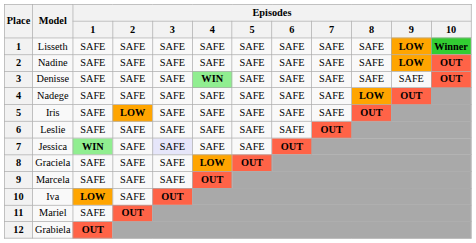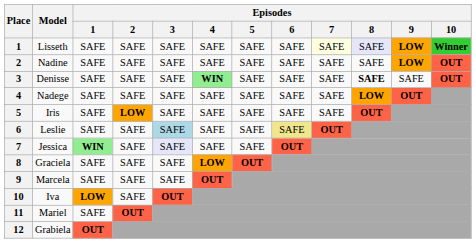 <table class="wikitable" style="text-align:center; font-size:92%">
 <tr>
 <th rowspan="2">Place</th>
 <th rowspan="2">Model</th>
 <th colspan="14">Episodes</th>
 </tr>
 <tr>
 <th>1</th>
 <th>2</th>
 <th>3</th>
 <th>4</th>
 <th>5</th>
 <th>6</th>
 <th>7</th>
 <th>8</th>
 <th>9</th>
 <th>10</th>
 </tr>
 <tr>
 <th>1</th>
 <td>Lisseth</td>
 <td>SAFE</td>
 <td>SAFE</td>
 <td>SAFE</td>
 <td>SAFE</td>
 <td>SAFE</td>
 <td>SAFE</td>
-<td>SAFE</td>
-<td>SAFE</td>
+<td style="background: lightyellow;">SAFE</td>
+<td style="background: lavender;">SAFE</td>
 <td style="background:orange;"><strong>LOW</strong></td>
 <td style="background:limegreen;"><strong>Winner</strong></td>
 </tr>
 <tr>
 <th>2</th>
 <td>Nadine</td>
 <td>SAFE</td>
 <td>SAFE</td>
 <td>SAFE</td>
 <td>SAFE</td>
 <td>SAFE</td>
 <td>SAFE</td>
 <td>SAFE</td>
 <td>SAFE</td>
 <td style="background:orange;"><strong>LOW</strong></td>
 <td style="background:tomato;"><strong>OUT</strong></td>
 </tr>
 <tr>
 <th>3</th>
 <td>Denisse</td>
 <td>SAFE</td>
 <td>SAFE</td>
 <td>SAFE</td>
 <td style="background:lightgreen;"><strong>WIN</strong></td>
 <td>SAFE</td>
 <td>SAFE</td>
 <td>SAFE</td>
-<td>SAFE</td>
+<td><strong>SAFE</strong></td>
 <td>SAFE</td>
 <td width="50" style="background:tomato;"><strong>OUT</strong></td>
 </tr>
 <tr>
 <th>4</th>
 <td>Nadege</td>
 <td>SAFE</td>
 <td>SAFE</td>
 <td>SAFE</td>
 <td>SAFE</td>
 <td>SAFE</td>
 <td>SAFE</td>
 <td>SAFE</td>
 <td style="background:orange;"><strong>LOW</strong></td>
 <td width="50" style="background:tomato;"><strong>OUT</strong></td>
 <td style="background:darkgray;"></td>
 </tr>
 <tr>
 <th>5</th>
 <td>Iris</td>
 <td>SAFE</td>
 <td style="background:orange;"><strong>LOW</strong></td>
 <td>SAFE</td>
 <td>SAFE</td>
 <td>SAFE</td>
 <td>SAFE</td>
 <td>SAFE</td>
 <td width="50" style="background:tomato;"><strong>OUT</strong></td>
 <td colspan="2" style="background:darkgray;"></td>
 </tr>
 <tr>
 <th>6</th>
 <td>Leslie</td>
 <td>SAFE</td>
 <td>SAFE</td>
+<td style="background: lightblue;">SAFE</td>
 <td>SAFE</td>
 <td>SAFE</td>
-<td>SAFE</td>
-<td>SAFE</td>
+<td style="background: khaki;">SAFE</td>
 <td width="50" style="background:tomato;"><strong>OUT</strong></td>
 <td colspan="3" style="background:darkgray;"></td>
 </tr>
 <tr>
 <th>7</th>
 <td>Jessica</td>
 <td style="background:lightgreen;"><strong>WIN</strong></td>
 <td>SAFE</td>
 <td style="background: lavender;">SAFE</td>
 <td>SAFE</td>
 <td>SAFE</td>
 <td width="50" style="background:tomato;"><strong>OUT</strong></td>
 <td colspan="5" style="background:darkgray;"></td>
 </tr>
 <tr>
 <th>8</th>
 <td>Graciela</td>
 <td>SAFE</td>
 <td>SAFE</td>
 <td>SAFE</td>
 <td style="background:orange;"><strong>LOW</strong></td>
 <td width="50" style="background:tomato;"><strong>OUT</strong></td>
 <td colspan="5" style="background:darkgray;"></td>
 </tr>
 <tr>
 <th>9</th>
 <td>Marcela</td>
 <td>SAFE</td>
 <td>SAFE</td>
 <td>SAFE</td>
 <td width="50" style="background:tomato;"><strong>OUT</strong></td>
 <td colspan="6" style="background:darkgray;"></td>
 </tr>
 <tr>
 <th>10</th>
 <td>Iva</td>
 <td style="background:orange;"><strong>LOW</strong></td>
 <td>SAFE</td>
 <td width="50" style="background:tomato;"><strong>OUT</strong></td>
 <td colspan="7" style="background:darkgray;"></td>
 </tr>
 <tr>
 <th>11</th>
 <td>Mariel</td>
 <td>SAFE</td>
 <td width="50" style="background:tomato;"><strong>OUT</strong></td>
 <td colspan="8" style="background:darkgray;"></td>
 </tr>
 <tr>
 <th>12</th>
 <td>Grabiela</td>
 <td width="50" style="background:tomato;"><strong>OUT</strong></td>
 <td colspan="9" style="background:darkgray;"></td>
 </tr>
 </table>
